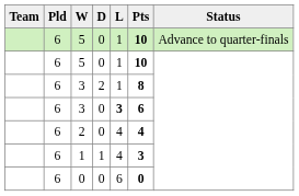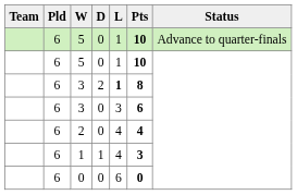 <table style=border-collapse:collapse border=1 cellspacing=0 cellpadding=5>
 <tr align=center bgcolor=#efefef>
 <th>Team</th>
 <th>Pld</th>
 <th>W</th>
 <th>D</th>
 <th>L</th>
 <th>Pts</th>
 <th>Status</th>
 </tr>
 <tr align=center style="background:#D0F0C0;">
 <td style="text-align:left;"> </td>
 <td>6</td>
 <td>5</td>
 <td>0</td>
 <td>1</td>
 <td><strong>10</strong></td>
 <td rowspan=1>Advance to quarter-finals</td>
 </tr>
 <tr align=center style="background:#FFFFFF;">
 <td style="text-align:left;"> </td>
 <td>6</td>
 <td>5</td>
 <td>0</td>
 <td>1</td>
 <td><strong>10</strong></td>
 <td rowspan=6></td>
 </tr>
 <tr align=center style="background:#FFFFFF;">
 <td style="text-align:left;"> </td>
 <td>6</td>
 <td>3</td>
 <td>2</td>
-<td>1</td>
+<td><strong>1</strong></td>
 <td><strong>8</strong></td>
 </tr>
 <tr align=center style="background:#FFFFFF;">
 <td style="text-align:left;"> </td>
 <td>6</td>
 <td>3</td>
 <td>0</td>
-<td><strong>3</strong></td>
+<td>3</td>
 <td><strong>6</strong></td>
 </tr>
 <tr align=center style="background:#FFFFFF;">
 <td style="text-align:left;"> </td>
 <td>6</td>
 <td>2</td>
 <td>0</td>
 <td>4</td>
 <td><strong>4</strong></td>
 </tr>
 <tr align=center style="background:#FFFFFF;">
 <td style="text-align:left;"> </td>
 <td>6</td>
 <td>1</td>
 <td>1</td>
 <td>4</td>
 <td><strong>3</strong></td>
 </tr>
 <tr align=center style="background:#FFFFFF;">
 <td style="text-align:left;"> </td>
 <td>6</td>
 <td>0</td>
 <td>0</td>
 <td>6</td>
 <td><strong>0</strong></td>
 </tr>
 </table>
